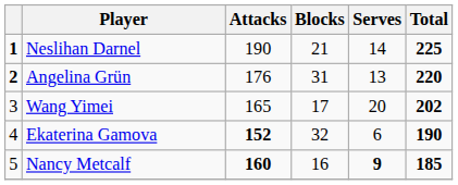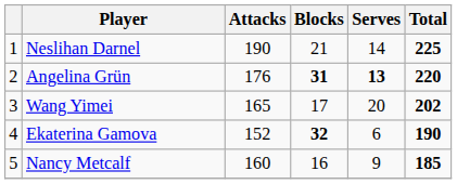 <table class="wikitable sortable" style=font-size:90%>
 <tr>
 <th></th>
 <th width=160>Player</th>
 <th width=20>Attacks</th>
 <th width=20>Blocks</th>
 <th width=20>Serves</th>
 <th width=20>Total</th>
 </tr>
 <tr>
-<td align=center><strong>1</strong></td>
+<td align=center>1</td>
 <td> <a href='#'>Neslihan Darnel</a></td>
 <td align=center>190</td>
 <td align=center>21</td>
 <td align=center>14</td>
 <td align=center><strong>225</strong></td>
 </tr>
 <tr>
-<td align=center><strong>2</strong></td>
+<td align=center>2</td>
 <td> <a href='#'>Angelina Grün</a></td>
 <td align=center>176</td>
-<td align=center>31</td>
-<td align=center>13</td>
+<td align=center><strong>31</strong></td>
+<td align=center><strong>13</strong></td>
 <td align=center><strong>220</strong></td>
 </tr>
 <tr>
 <td align=center>3</td>
 <td> <a href='#'>Wang Yimei</a></td>
 <td align=center>165</td>
 <td align=center>17</td>
 <td align=center>20</td>
 <td align=center><strong>202</strong></td>
 </tr>
 <tr>
 <td align=center>4</td>
 <td> <a href='#'>Ekaterina Gamova</a></td>
-<td align=center><strong>152</strong></td>
-<td align=center>32</td>
+<td align=center>152</td>
+<td align=center><strong>32</strong></td>
 <td align=center>6</td>
 <td align=center><strong>190</strong></td>
 </tr>
 <tr>
 <td align=center>5</td>
 <td> <a href='#'>Nancy Metcalf</a></td>
-<td align=center><strong>160</strong></td>
+<td align=center>160</td>
 <td align=center>16</td>
-<td align=center><strong>9</strong></td>
+<td align=center>9</td>
 <td align=center><strong>185</strong></td>
 </tr>
 <tr>
 </tr>
 </table>
